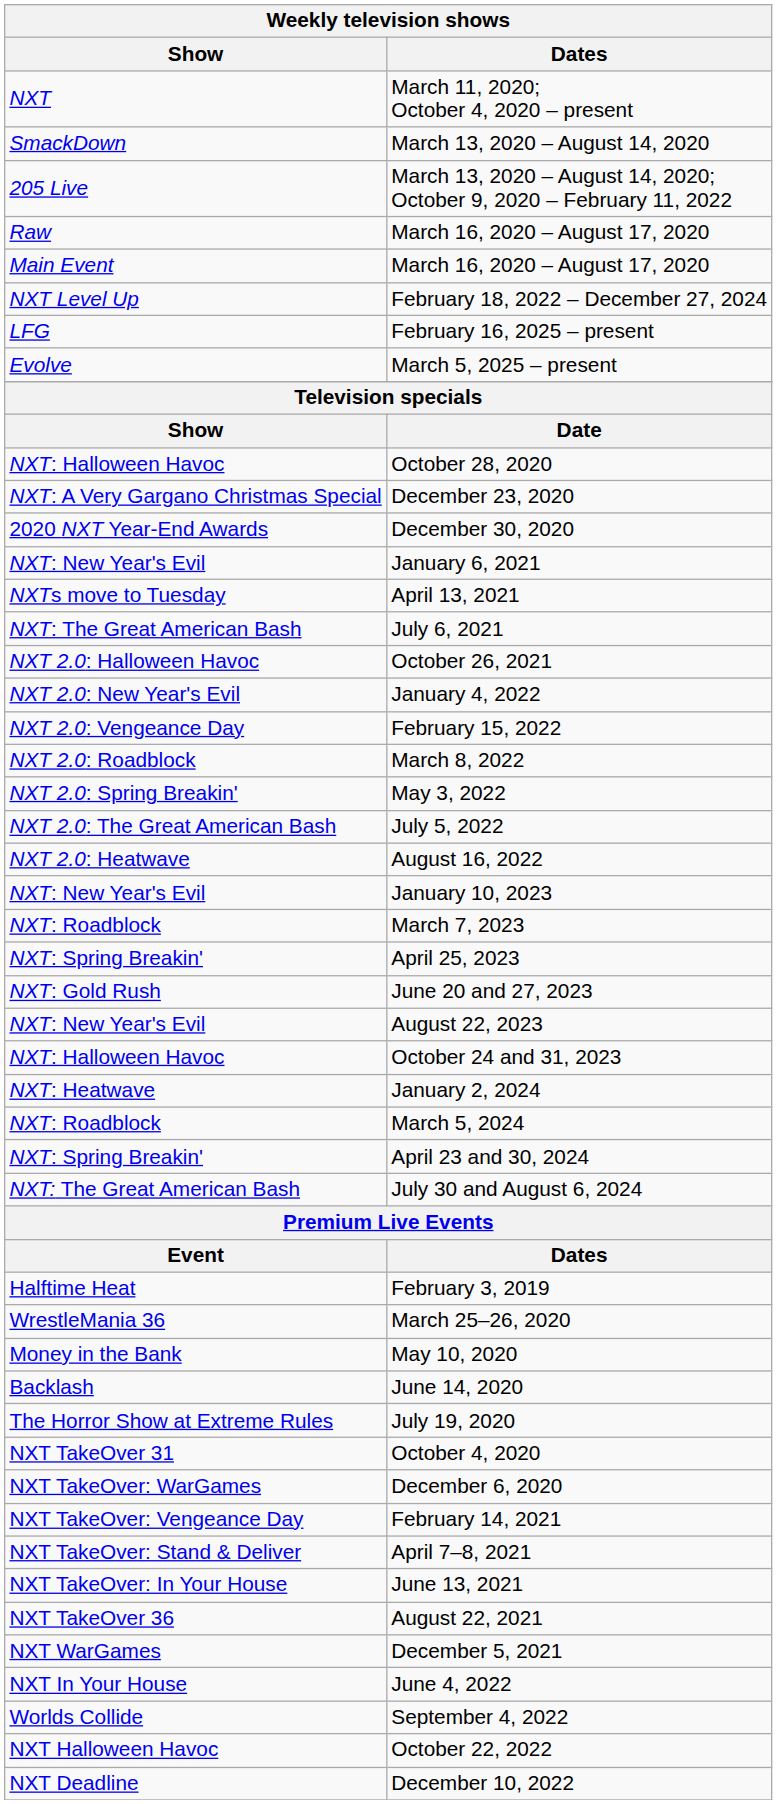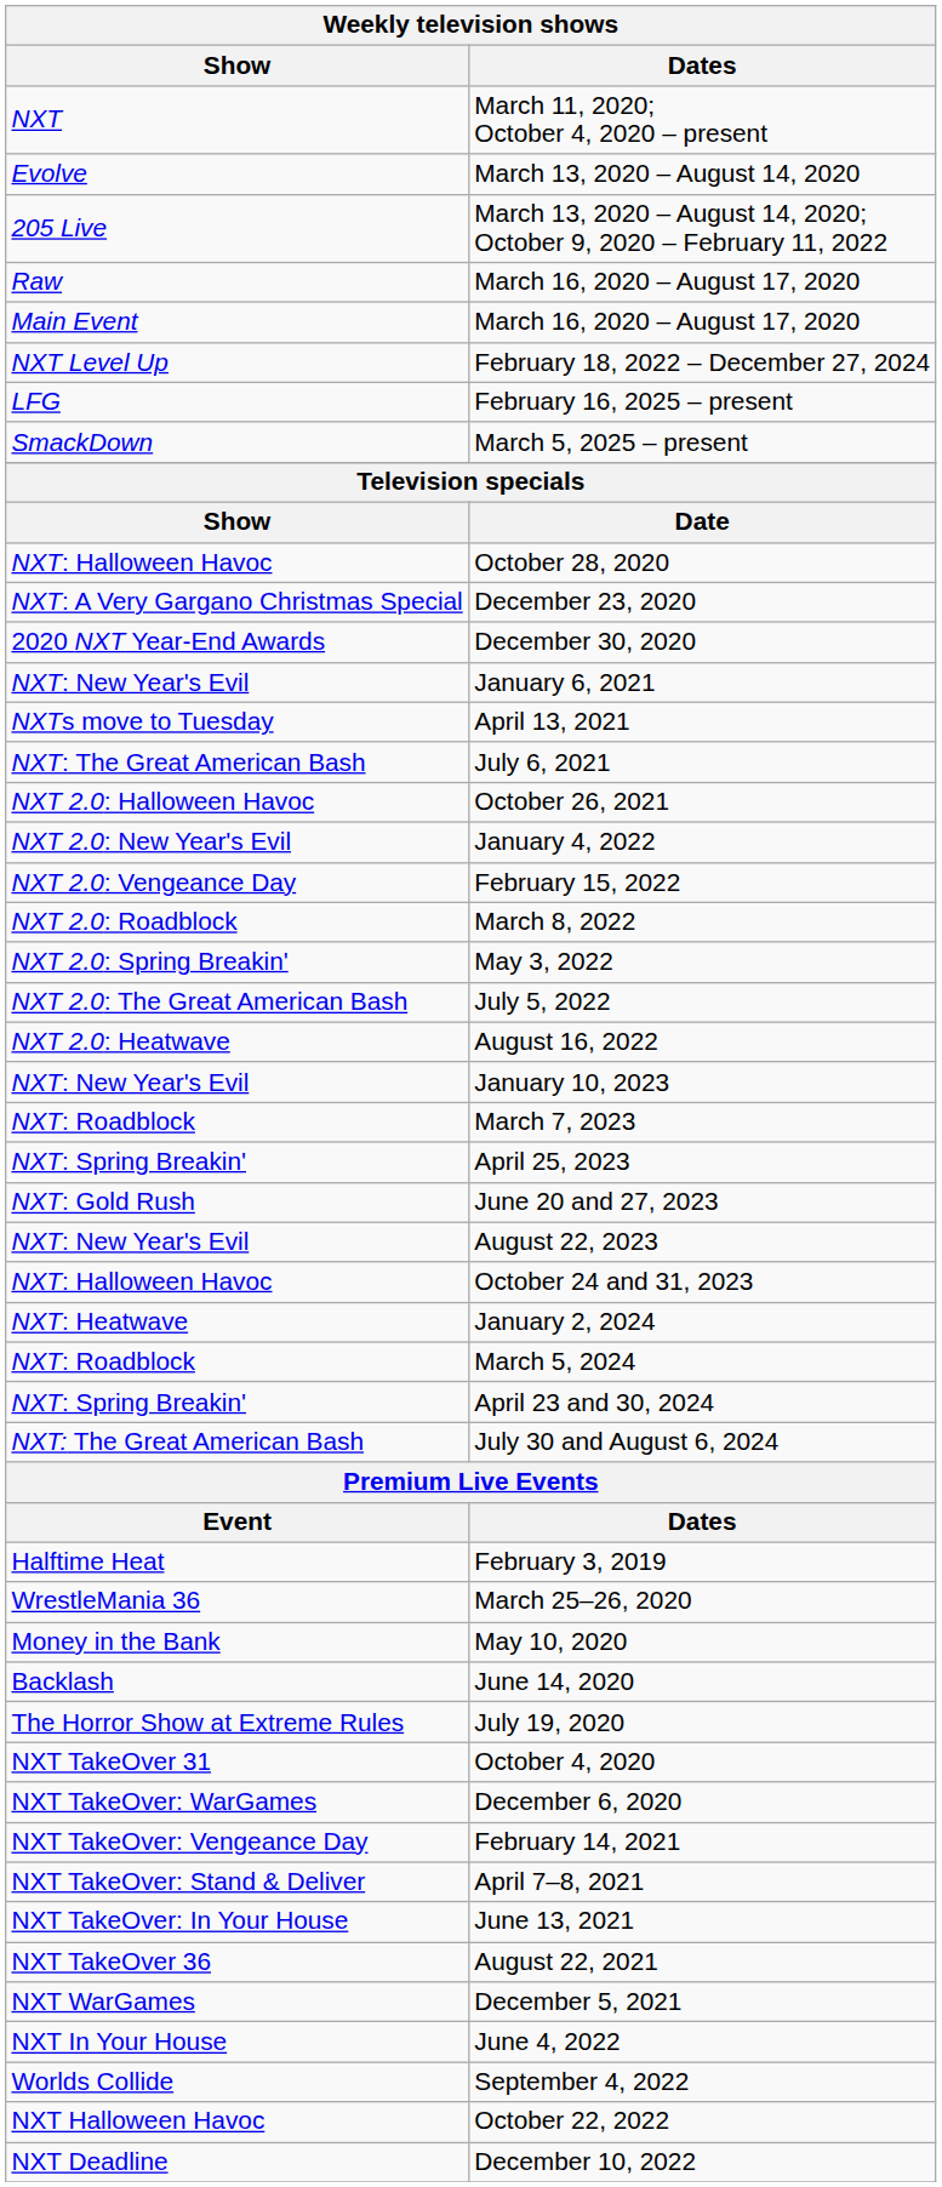 <table class="wikitable">
 <tr>
 <th colspan="2">Weekly television shows</th>
 </tr>
 <tr>
 <th>Show</th>
 <th>Dates</th>
 </tr>
 <tr>
 <td><em><a href='#'>NXT</a></em><br></td>
 <td>March 11, 2020;<br>October 4, 2020 –  present</td>
 </tr>
 <tr>
-<td><em><a href='#'>SmackDown</a></em></td>
+<td><em><a href='#'>Evolve</a></em></td>
 <td>March 13, 2020 – August 14, 2020</td>
 </tr>
 <tr>
 <td><em><a href='#'>205 Live</a></em></td>
 <td>March 13, 2020 – August 14, 2020;<br>October 9, 2020 – February 11, 2022</td>
 </tr>
 <tr>
 <td><em><a href='#'>Raw</a></em></td>
 <td>March 16, 2020 – August 17, 2020</td>
 </tr>
 <tr>
 <td><em><a href='#'>Main Event</a></em></td>
 <td>March 16, 2020 – August 17, 2020<br></td>
 </tr>
 <tr>
 <td><em><a href='#'>NXT Level Up</a></em></td>
 <td>February 18, 2022 – December 27, 2024</td>
 </tr>
 <tr>
 <td><em><a href='#'>LFG</a></em></td>
 <td>February 16, 2025 – present</td>
 </tr>
 <tr>
-<td><em><a href='#'>Evolve</a></em></td>
+<td><em><a href='#'>SmackDown</a></em></td>
 <td>March 5, 2025 – present</td>
 </tr>
 <tr>
 </tr>
 <tr>
 <th colspan="2">Television specials</th>
 </tr>
 <tr>
 <th>Show</th>
 <th>Date</th>
 </tr>
 <tr>
 <td><a href='#'><em>NXT</em>: Halloween Havoc</a></td>
 <td>October 28, 2020</td>
 </tr>
 <tr>
 <td><a href='#'><em>NXT</em>: A Very Gargano Christmas Special</a></td>
 <td>December 23, 2020</td>
 </tr>
 <tr>
 <td><a href='#'>2020 <em>NXT</em> Year-End Awards</a></td>
 <td>December 30, 2020</td>
 </tr>
 <tr>
 <td><a href='#'><em>NXT</em>: New Year's Evil</a></td>
 <td>January 6, 2021</td>
 </tr>
 <tr>
 <td><a href='#'><em>NXT</em>s move to Tuesday</a></td>
 <td>April 13, 2021</td>
 </tr>
 <tr>
 <td><a href='#'><em>NXT</em>: The Great American Bash</a></td>
 <td>July 6, 2021</td>
 </tr>
 <tr>
 <td><a href='#'><em>NXT 2.0</em>: Halloween Havoc</a></td>
 <td>October 26, 2021</td>
 </tr>
 <tr>
 <td><a href='#'><em>NXT 2.0</em>: New Year's Evil</a></td>
 <td>January 4, 2022</td>
 </tr>
 <tr>
 <td><a href='#'><em>NXT 2.0</em>: Vengeance Day</a></td>
 <td>February 15, 2022</td>
 </tr>
 <tr>
 <td><a href='#'><em>NXT 2.0</em>: Roadblock</a></td>
 <td>March 8, 2022</td>
 </tr>
 <tr>
 <td><a href='#'><em>NXT 2.0</em>: Spring Breakin'</a></td>
 <td>May 3, 2022</td>
 </tr>
 <tr>
 <td><a href='#'><em>NXT 2.0</em>: The Great American Bash</a></td>
 <td>July 5, 2022</td>
 </tr>
 <tr>
 <td><a href='#'><em>NXT 2.0</em>: Heatwave</a></td>
 <td>August 16, 2022</td>
 </tr>
 <tr>
 <td><a href='#'><em>NXT</em>: New Year's Evil</a></td>
 <td>January 10, 2023</td>
 </tr>
 <tr>
 <td><a href='#'><em>NXT</em>: Roadblock</a></td>
 <td>March 7, 2023</td>
 </tr>
 <tr>
 <td><a href='#'><em>NXT</em>: Spring Breakin'</a></td>
 <td>April 25, 2023</td>
 </tr>
 <tr>
 <td><a href='#'><em>NXT</em>: Gold Rush</a></td>
 <td>June 20 and 27, 2023</td>
 </tr>
 <tr>
 <td><a href='#'><em>NXT</em>: New Year's Evil</a></td>
 <td>August 22, 2023</td>
 </tr>
 <tr>
 <td><a href='#'><em>NXT</em>: Halloween Havoc</a></td>
 <td>October 24 and 31, 2023</td>
 </tr>
 <tr>
 <td><a href='#'><em>NXT</em>: Heatwave</a></td>
 <td>January 2, 2024</td>
 </tr>
 <tr>
 <td><a href='#'><em>NXT</em>: Roadblock</a></td>
 <td>March 5, 2024</td>
 </tr>
 <tr>
 <td><a href='#'><em>NXT</em>: Spring Breakin'</a></td>
 <td>April 23 and 30, 2024</td>
 </tr>
 <tr>
 <td><a href='#'><em>NXT:</em> The Great American Bash</a></td>
 <td>July 30 and August 6, 2024</td>
 </tr>
 <tr>
 <th colspan="2"><a href='#'>Premium Live Events</a></th>
 </tr>
 <tr>
 <th>Event</th>
 <th>Dates</th>
 </tr>
 <tr>
 <td><a href='#'>Halftime Heat</a></td>
 <td>February 3, 2019</td>
 </tr>
 <tr>
 <td><a href='#'>WrestleMania 36</a></td>
 <td>March 25–26, 2020<br></td>
 </tr>
 <tr>
 <td><a href='#'>Money in the Bank</a></td>
 <td>May 10, 2020</td>
 </tr>
 <tr>
 <td><a href='#'>Backlash</a></td>
 <td>June 14, 2020</td>
 </tr>
 <tr>
 <td><a href='#'>The Horror Show at Extreme Rules</a></td>
 <td>July 19, 2020</td>
 </tr>
 <tr>
 <td><a href='#'>NXT TakeOver 31</a></td>
 <td>October 4, 2020</td>
 </tr>
 <tr>
 <td><a href='#'>NXT TakeOver: WarGames</a></td>
 <td>December 6, 2020</td>
 </tr>
 <tr>
 <td><a href='#'>NXT TakeOver: Vengeance Day</a></td>
 <td>February 14, 2021</td>
 </tr>
 <tr>
 <td><a href='#'>NXT TakeOver: Stand & Deliver</a></td>
 <td>April 7–8, 2021</td>
 </tr>
 <tr>
 <td><a href='#'>NXT TakeOver: In Your House</a></td>
 <td>June 13, 2021</td>
 </tr>
 <tr>
 <td><a href='#'>NXT TakeOver 36</a></td>
 <td>August 22, 2021</td>
 </tr>
 <tr>
 <td><a href='#'>NXT WarGames</a></td>
 <td>December 5, 2021</td>
 </tr>
 <tr>
 <td><a href='#'>NXT In Your House</a></td>
 <td>June 4, 2022</td>
 </tr>
 <tr>
 <td><a href='#'>Worlds Collide</a></td>
 <td>September 4, 2022</td>
 </tr>
 <tr>
 <td><a href='#'>NXT Halloween Havoc</a></td>
 <td>October 22, 2022</td>
 </tr>
 <tr>
 <td><a href='#'>NXT Deadline</a></td>
 <td>December 10, 2022</td>
 </tr>
 </table>
